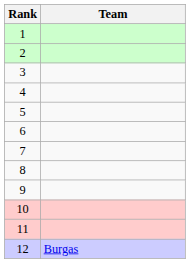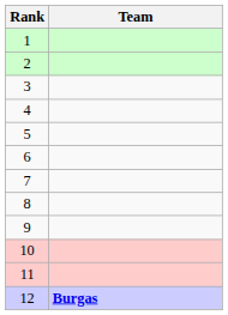 <table class="wikitable" style="text-align: center;">
 <tr>
 <th width=40>Rank</th>
 <th width=180>Team</th>
 </tr>
 <tr bgcolor=ccffcc>
 <td>1</td>
 <td align=left></td>
 </tr>
 <tr bgcolor=ccffcc>
 <td>2</td>
 <td align=left></td>
 </tr>
 <tr>
 <td>3</td>
 <td align=left></td>
 </tr>
 <tr>
 <td>4</td>
 <td align=left></td>
 </tr>
 <tr>
 <td>5</td>
 <td align=left></td>
 </tr>
 <tr>
 <td>6</td>
 <td align=left></td>
 </tr>
 <tr>
 <td>7</td>
 <td align=left></td>
 </tr>
 <tr>
 <td>8</td>
 <td align=left></td>
 </tr>
 <tr>
 <td>9</td>
 <td align=left></td>
 </tr>
 <tr bgcolor=ffcccc>
 <td>10</td>
 <td align=left></td>
 </tr>
 <tr bgcolor=ffcccc>
 <td>11</td>
 <td align=left></td>
 </tr>
 <tr bgcolor=ccccff>
 <td>12</td>
-<td align=left><a href='#'>Burgas</a></td>
+<td align=left><strong><a href='#'>Burgas</a></strong></td>
 </tr>
 </table>
